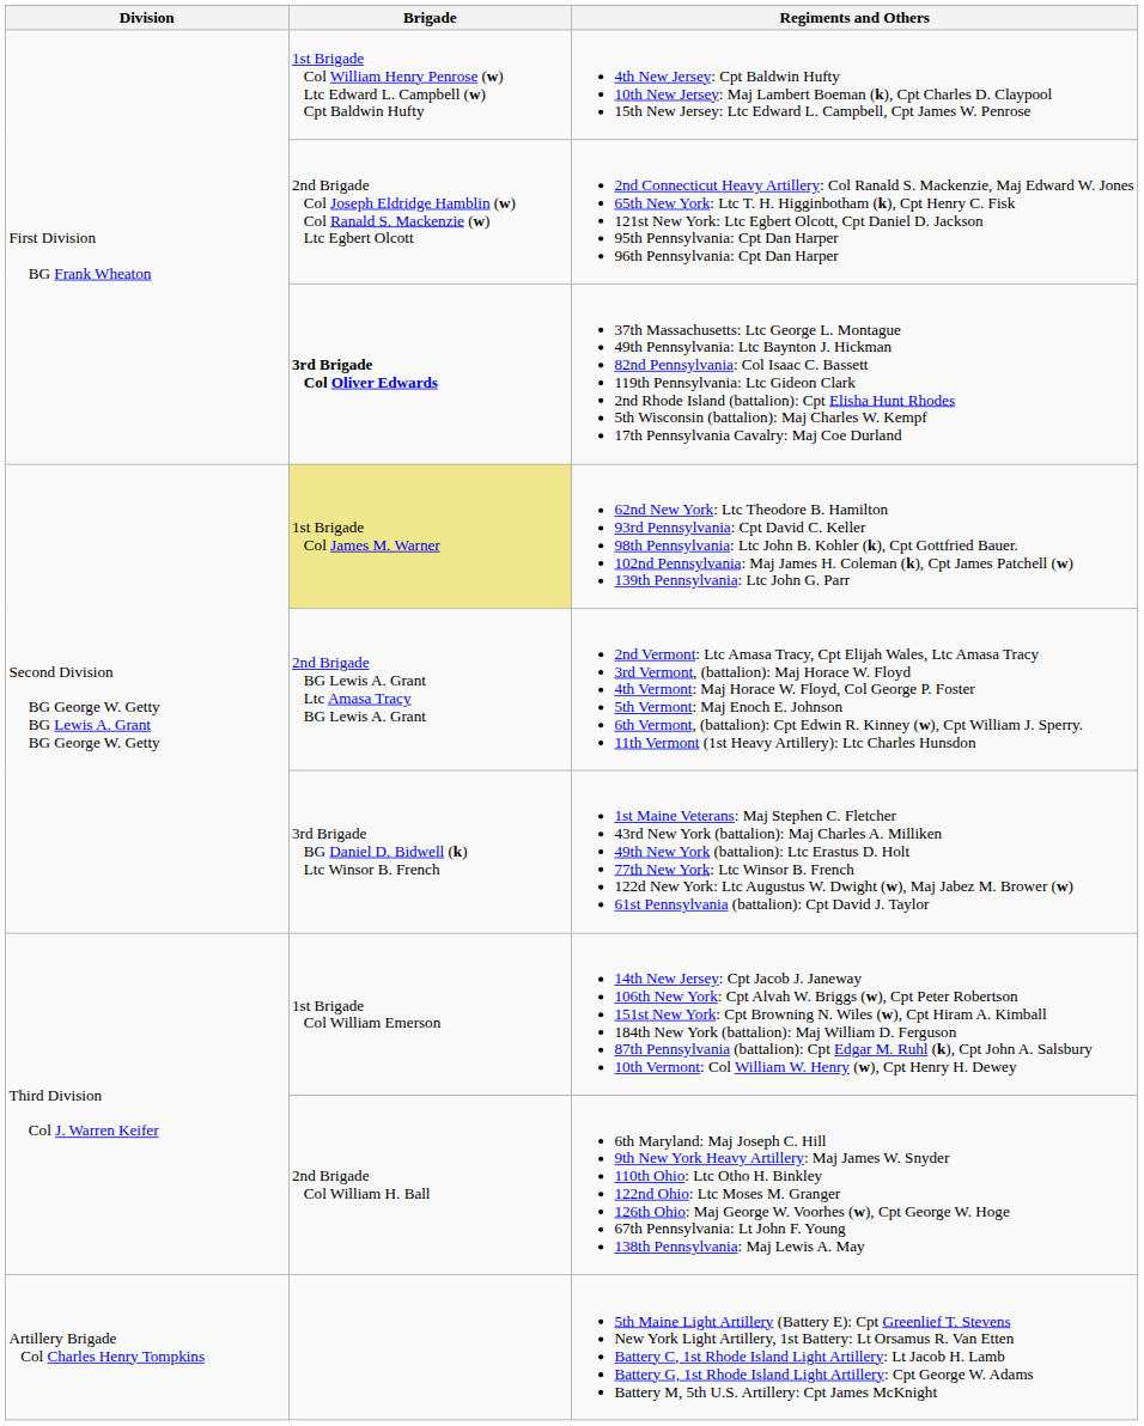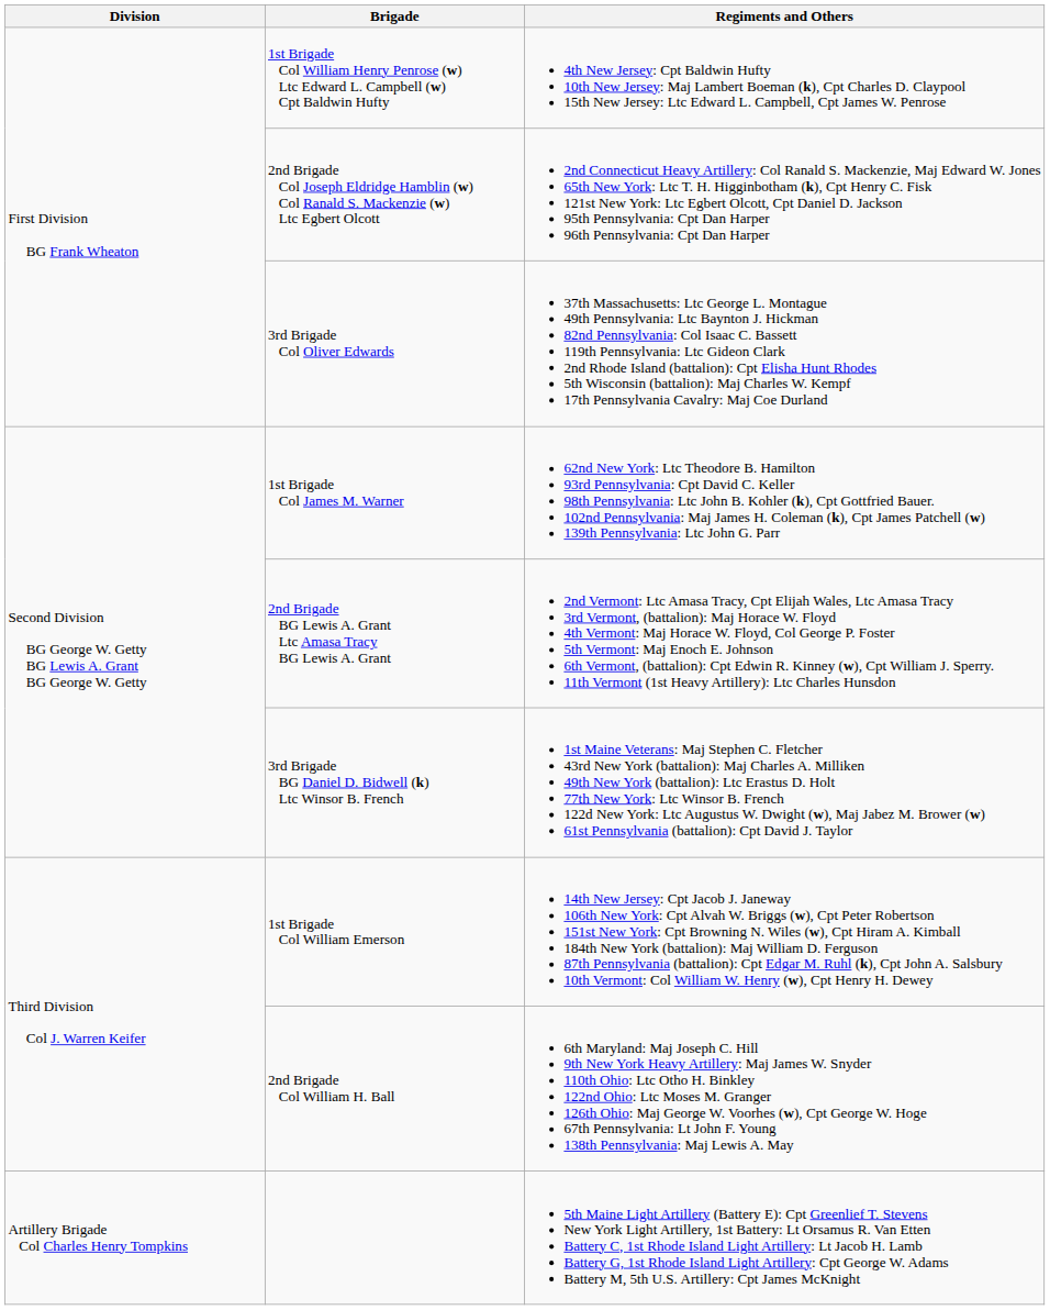 <table class="wikitable">
 <tr>
 <th width=25%>Division</th>
 <th width=25%>Brigade</th>
 <th>Regiments and Others</th>
 </tr>
 <tr>
 <td rowspan=3><br>First Division<br><br>     BG <a href='#'>Frank Wheaton</a></td>
 <td><a href='#'>1st Brigade</a><br>   Col <a href='#'>William Henry Penrose</a> (<strong>w</strong>) <br>   Ltc Edward L. Campbell (<strong>w</strong>) <br>   Cpt Baldwin Hufty</td>
 <td><br><ul><li><a href='#'>4th New Jersey</a>: Cpt Baldwin Hufty</li><li><a href='#'>10th New Jersey</a>: Maj Lambert Boeman (<strong>k</strong>), Cpt Charles D. Claypool</li><li>15th New Jersey: Ltc Edward L. Campbell, Cpt James W. Penrose</li></ul></td>
 </tr>
 <tr>
 <td>2nd Brigade<br>   Col <a href='#'>Joseph Eldridge Hamblin</a> (<strong>w</strong>) <br>   Col <a href='#'>Ranald S. Mackenzie</a> (<strong>w</strong>) <br>   Ltc Egbert Olcott</td>
 <td><br><ul><li><a href='#'>2nd Connecticut Heavy Artillery</a>: Col Ranald S. Mackenzie, Maj Edward W. Jones</li><li><a href='#'>65th New York</a>: Ltc T. H. Higginbotham (<strong>k</strong>), Cpt Henry C. Fisk</li><li>121st New York: Ltc Egbert Olcott, Cpt Daniel D. Jackson</li><li>95th Pennsylvania: Cpt Dan Harper</li><li>96th Pennsylvania: Cpt Dan Harper</li></ul></td>
 </tr>
 <tr>
-<td><strong>3rd Brigade<br>   Col <a href='#'>Oliver Edwards</a></strong></td>
+<td>3rd Brigade<br>   Col <a href='#'>Oliver Edwards</a></td>
 <td><br><ul><li>37th Massachusetts: Ltc George L. Montague</li><li>49th Pennsylvania: Ltc Baynton J. Hickman</li><li><a href='#'>82nd Pennsylvania</a>: Col Isaac C. Bassett</li><li>119th Pennsylvania: Ltc Gideon Clark</li><li>2nd Rhode Island (battalion): Cpt <a href='#'>Elisha Hunt Rhodes</a></li><li>5th Wisconsin (battalion): Maj Charles W. Kempf</li><li>17th Pennsylvania Cavalry: Maj Coe Durland</li></ul></td>
 </tr>
 <tr>
 <td rowspan=3><br>Second Division<br><br>     BG George W. Getty <br>     BG <a href='#'>Lewis A. Grant</a> <br>     BG George W. Getty</td>
-<td style="background: khaki;">1st Brigade<br>   Col <a href='#'>James M. Warner</a></td>
+<td>1st Brigade<br>   Col <a href='#'>James M. Warner</a></td>
 <td><br><ul><li><a href='#'>62nd New York</a>: Ltc Theodore B. Hamilton</li><li><a href='#'>93rd Pennsylvania</a>: Cpt David C. Keller</li><li><a href='#'>98th Pennsylvania</a>: Ltc John B. Kohler (<strong>k</strong>), Cpt Gottfried Bauer.</li><li><a href='#'>102nd Pennsylvania</a>: Maj James H. Coleman (<strong>k</strong>), Cpt James Patchell (<strong>w</strong>)</li><li><a href='#'>139th Pennsylvania</a>: Ltc John G. Parr</li></ul></td>
 </tr>
 <tr>
 <td><a href='#'>2nd Brigade</a><br>   BG Lewis A. Grant <br>   Ltc <a href='#'>Amasa Tracy</a> <br>   BG Lewis A. Grant</td>
 <td><br><ul><li><a href='#'>2nd Vermont</a>: Ltc Amasa Tracy, Cpt Elijah Wales, Ltc Amasa Tracy</li><li><a href='#'>3rd Vermont</a>, (battalion): Maj Horace W. Floyd</li><li><a href='#'>4th Vermont</a>: Maj Horace W. Floyd, Col George P. Foster</li><li><a href='#'>5th Vermont</a>: Maj Enoch E. Johnson</li><li><a href='#'>6th Vermont</a>, (battalion): Cpt Edwin R. Kinney (<strong>w</strong>), Cpt William J. Sperry.</li><li><a href='#'>11th Vermont</a> (1st Heavy Artillery): Ltc Charles Hunsdon</li></ul></td>
 </tr>
 <tr>
 <td>3rd Brigade<br>   BG <a href='#'>Daniel D. Bidwell</a> (<strong>k</strong>) <br>   Ltc Winsor B. French</td>
 <td><br><ul><li><a href='#'>1st Maine Veterans</a>: Maj Stephen C. Fletcher</li><li>43rd New York (battalion): Maj Charles A. Milliken</li><li><a href='#'>49th New York</a> (battalion): Ltc Erastus D. Holt</li><li><a href='#'>77th New York</a>: Ltc Winsor B. French</li><li>122d New York: Ltc Augustus W. Dwight (<strong>w</strong>), Maj Jabez M. Brower (<strong>w</strong>)</li><li><a href='#'>61st Pennsylvania</a> (battalion): Cpt David J. Taylor</li></ul></td>
 </tr>
 <tr>
 <td rowspan=2><br>Third Division<br><br>     Col <a href='#'>J. Warren Keifer</a></td>
 <td>1st Brigade<br>   Col William Emerson</td>
 <td><br><ul><li><a href='#'>14th New Jersey</a>: Cpt Jacob J. Janeway</li><li><a href='#'>106th New York</a>: Cpt Alvah W. Briggs (<strong>w</strong>), Cpt Peter Robertson</li><li><a href='#'>151st New York</a>: Cpt Browning N. Wiles (<strong>w</strong>), Cpt Hiram A. Kimball</li><li>184th New York (battalion): Maj William D. Ferguson</li><li><a href='#'>87th Pennsylvania</a> (battalion): Cpt <a href='#'>Edgar M. Ruhl</a> (<strong>k</strong>), Cpt John A. Salsbury</li><li><a href='#'>10th Vermont</a>: Col <a href='#'>William W. Henry</a> (<strong>w</strong>), Cpt Henry H. Dewey</li></ul></td>
 </tr>
 <tr>
 <td>2nd Brigade<br>   Col William H. Ball</td>
 <td><br><ul><li>6th Maryland: Maj Joseph C. Hill</li><li><a href='#'>9th New York Heavy Artillery</a>: Maj James W. Snyder</li><li><a href='#'>110th Ohio</a>: Ltc Otho H. Binkley</li><li><a href='#'>122nd Ohio</a>: Ltc Moses M. Granger</li><li><a href='#'>126th Ohio</a>: Maj George W. Voorhes (<strong>w</strong>), Cpt George W. Hoge</li><li>67th Pennsylvania: Lt John F. Young</li><li><a href='#'>138th Pennsylvania</a>: Maj Lewis A. May</li></ul></td>
 </tr>
 <tr>
 <td>Artillery Brigade<br>   Col <a href='#'>Charles Henry Tompkins</a></td>
 <td></td>
 <td><br><ul><li><a href='#'>5th Maine Light Artillery</a> (Battery E): Cpt <a href='#'>Greenlief T. Stevens</a></li><li>New York Light Artillery, 1st Battery: Lt Orsamus R. Van Etten</li><li><a href='#'>Battery C, 1st Rhode Island Light Artillery</a>: Lt Jacob H. Lamb</li><li><a href='#'>Battery G, 1st Rhode Island Light Artillery</a>: Cpt George W. Adams</li><li>Battery M, 5th U.S. Artillery: Cpt James McKnight</li></ul></td>
 </tr>
 </table>
